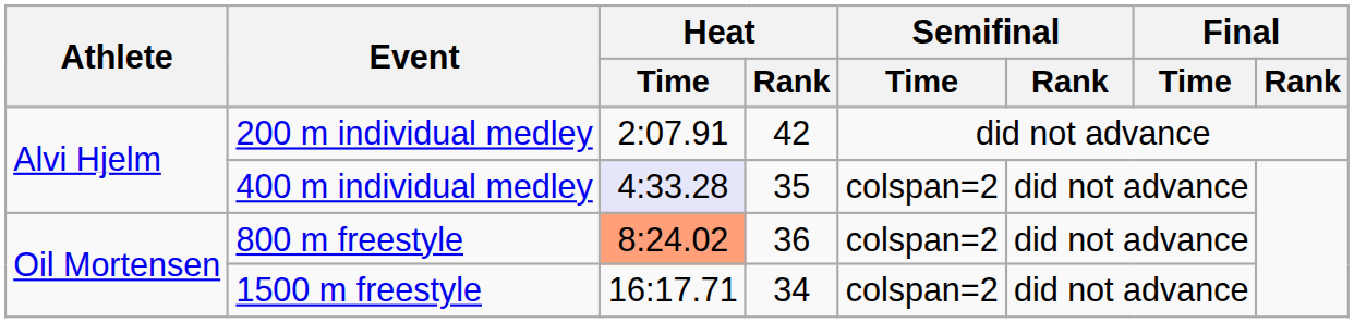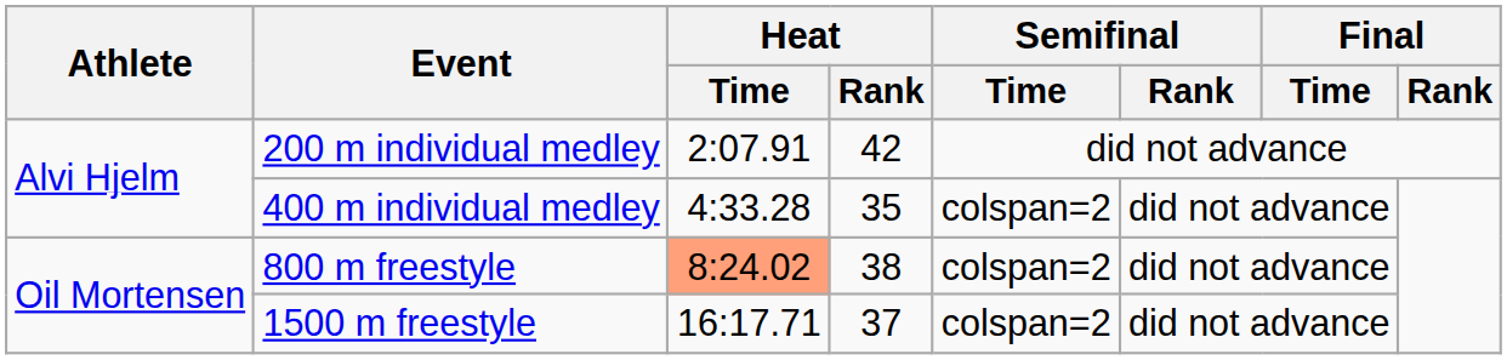 <table class="wikitable" style="text-align:center; font-size:90%">
 <tr>
 <th rowspan="2">Athlete</th>
 <th rowspan="2">Event</th>
 <th colspan="2">Heat</th>
 <th colspan="2">Semifinal</th>
 <th colspan="2">Final</th>
 </tr>
 <tr style="font-size:95%">
 <th>Time</th>
 <th>Rank</th>
 <th>Time</th>
 <th>Rank</th>
 <th>Time</th>
 <th>Rank</th>
 </tr>
 <tr>
 <td align=left rowspan=2><a href='#'>Alvi Hjelm</a></td>
 <td align=left><a href='#'>200 m individual medley</a></td>
 <td>2:07.91</td>
 <td>42</td>
 <td colspan=4>did not advance</td>
 </tr>
 <tr>
 <td align=left><a href='#'>400 m individual medley</a></td>
-<td style="background: lavender;">4:33.28</td>
+<td>4:33.28</td>
 <td>35</td>
 <td>colspan=2 </td>
 <td colspan=2>did not advance</td>
 </tr>
 <tr>
 <td align=left rowspan=2><a href='#'>Oil Mortensen</a></td>
 <td align=left><a href='#'>800 m freestyle</a></td>
 <td style="background: lightsalmon;">8:24.02</td>
-<td>36</td>
+<td>38</td>
 <td>colspan=2 </td>
 <td colspan=2>did not advance</td>
 </tr>
 <tr>
 <td align=left><a href='#'>1500 m freestyle</a></td>
 <td>16:17.71</td>
-<td>34</td>
+<td>37</td>
 <td>colspan=2 </td>
 <td colspan=2>did not advance</td>
 </tr>
 </table>
